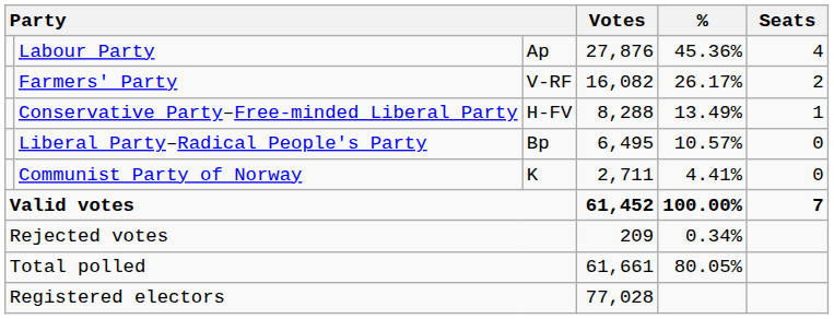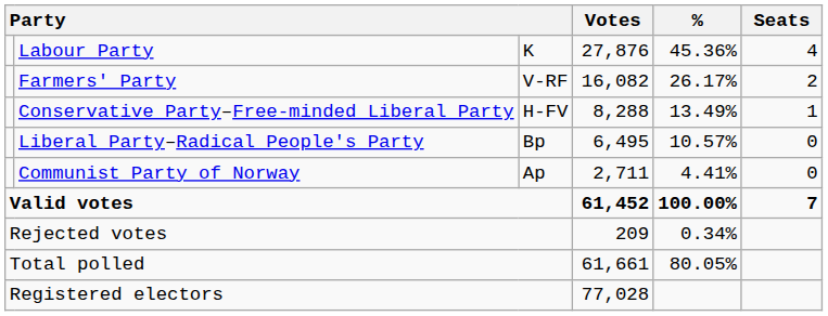 <table class="wikitable" border="1" style="text-align:right;">
 <tr>
 <th style="text-align:left;" colspan=3>Party</th>
 <th align=center width="50">Votes</th>
 <th align=center width="50">%</th>
 <th align=center width="50">Seats</th>
 </tr>
 <tr>
 <td style="color:inherit;background:"></td>
 <td align=left><a href='#'>Labour Party</a></td>
-<td align=left>Ap</td>
+<td align=left>K</td>
 <td>27,876</td>
 <td>45.36%</td>
 <td>4</td>
 </tr>
 <tr>
 <td style="color:inherit;background:"></td>
 <td align=left><a href='#'>Farmers' Party</a></td>
 <td align=left>V-RF</td>
 <td>16,082</td>
 <td>26.17%</td>
 <td>2</td>
 </tr>
 <tr>
 <td></td>
 <td align=left><a href='#'>Conservative Party</a>–<a href='#'>Free-minded Liberal Party</a></td>
 <td align=left>H-FV</td>
 <td>8,288</td>
 <td>13.49%</td>
 <td>1</td>
 </tr>
 <tr>
 <td></td>
 <td align=left><a href='#'>Liberal Party</a>–<a href='#'>Radical People's Party</a></td>
 <td align=left>Bp</td>
 <td>6,495</td>
 <td>10.57%</td>
 <td>0</td>
 </tr>
 <tr>
 <td style="color:inherit;background:"></td>
 <td align=left><a href='#'>Communist Party of Norway</a></td>
-<td align=left>K</td>
+<td align=left>Ap</td>
 <td>2,711</td>
 <td>4.41%</td>
 <td>0</td>
 </tr>
 <tr style="font-weight:bold">
 <td align=left colspan=3>Valid votes</td>
 <td>61,452</td>
 <td>100.00%</td>
 <td>7</td>
 </tr>
 <tr>
 <td align=left colspan=3>Rejected votes</td>
 <td>209</td>
 <td>0.34%</td>
 <td></td>
 </tr>
 <tr>
 <td align=left colspan=3>Total polled</td>
 <td>61,661</td>
 <td>80.05%</td>
 <td></td>
 </tr>
 <tr>
 <td align=left colspan=3>Registered electors</td>
 <td>77,028</td>
 <td></td>
 <td></td>
 </tr>
 </table>
